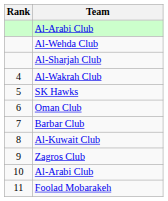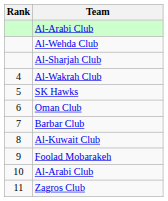 <table class=wikitable style="text-align:center;">
 <tr>
 <th>Rank</th>
 <th width=200>Team</th>
 </tr>
 <tr bgcolor=ccffcc>
 <td></td>
 <td align=left> <a href='#'>Al-Arabi Club</a></td>
 </tr>
 <tr>
 <td></td>
 <td align=left> <a href='#'>Al-Wehda Club</a></td>
 </tr>
 <tr>
 <td></td>
 <td align=left> <a href='#'>Al-Sharjah Club</a></td>
 </tr>
 <tr>
 <td>4</td>
 <td align=left> <a href='#'>Al-Wakrah Club</a></td>
 </tr>
 <tr>
 <td>5</td>
 <td align=left> <a href='#'>SK Hawks</a></td>
 </tr>
 <tr>
 <td>6</td>
 <td align=left> <a href='#'>Oman Club</a></td>
 </tr>
 <tr>
 <td>7</td>
 <td align=left> <a href='#'>Barbar Club</a></td>
 </tr>
 <tr>
 <td>8</td>
 <td align=left> <a href='#'>Al-Kuwait Club</a></td>
 </tr>
 <tr>
 <td>9</td>
-<td align=left> <a href='#'>Zagros Club</a></td>
+<td align=left> <a href='#'>Foolad Mobarakeh</a></td>
 </tr>
 <tr>
 <td>10</td>
 <td align=left> <a href='#'>Al-Arabi Club</a></td>
 </tr>
 <tr>
 <td>11</td>
-<td align=left> <a href='#'>Foolad Mobarakeh</a></td>
+<td align=left> <a href='#'>Zagros Club</a></td>
 </tr>
 </table>
